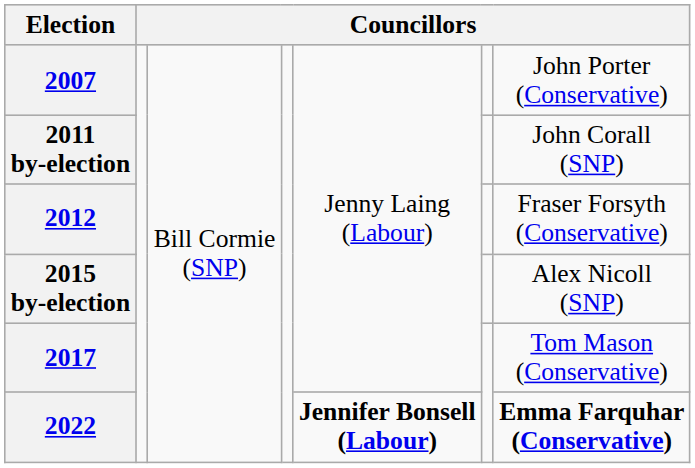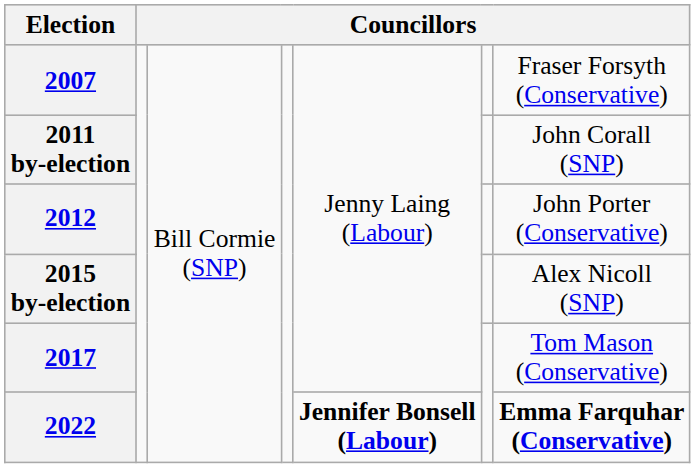 <table class="wikitable" style="text-align:center">
 <tr>
 <th>Election</th>
 <th colspan=8>Councillors</th>
 </tr>
 <tr>
 <th><a href='#'>2007</a></th>
 <td rowspan=6; style="background-color: "></td>
 <td rowspan=6>Bill Cormie<br>(<a href='#'>SNP</a>)</td>
 <td rowspan=6; style="background-color: "></td>
 <td rowspan=5>Jenny Laing<br>(<a href='#'>Labour</a>)</td>
 <td rowspan=1; style="background-color: "></td>
-<td rowspan=1>John Porter<br>(<a href='#'>Conservative</a>)</td>
+<td rowspan=1>Fraser Forsyth<br>(<a href='#'>Conservative</a>)</td>
 </tr>
 <tr>
 <th>2011<br>by-election</th>
 <td rowspan=1; style="background-color: "></td>
 <td rowspan=1>John Corall<br>(<a href='#'>SNP</a>)</td>
 </tr>
 <tr>
 <th><a href='#'>2012</a></th>
 <td rowspan=1; style="background-color: "></td>
-<td rowspan=1>Fraser Forsyth<br>(<a href='#'>Conservative</a>)</td>
+<td rowspan=1>John Porter<br>(<a href='#'>Conservative</a>)</td>
 </tr>
 <tr>
 <th>2015<br>by-election</th>
 <td rowspan=1; style="background-color: "></td>
 <td rowspan=1>Alex Nicoll<br>(<a href='#'>SNP</a>)</td>
 </tr>
 <tr>
 <th><a href='#'>2017</a></th>
 <td rowspan=2; style="background-color: "></td>
 <td rowspan=1><a href='#'>Tom Mason</a><br>(<a href='#'>Conservative</a>)</td>
 </tr>
 <tr>
 <th><a href='#'>2022</a></th>
 <td rowspan=1><strong>Jennifer Bonsell<br>(<a href='#'>Labour</a>)</strong></td>
 <td rowspan=1><strong>Emma Farquhar<br>(<a href='#'>Conservative</a>)</strong></td>
 </tr>
 </table>
